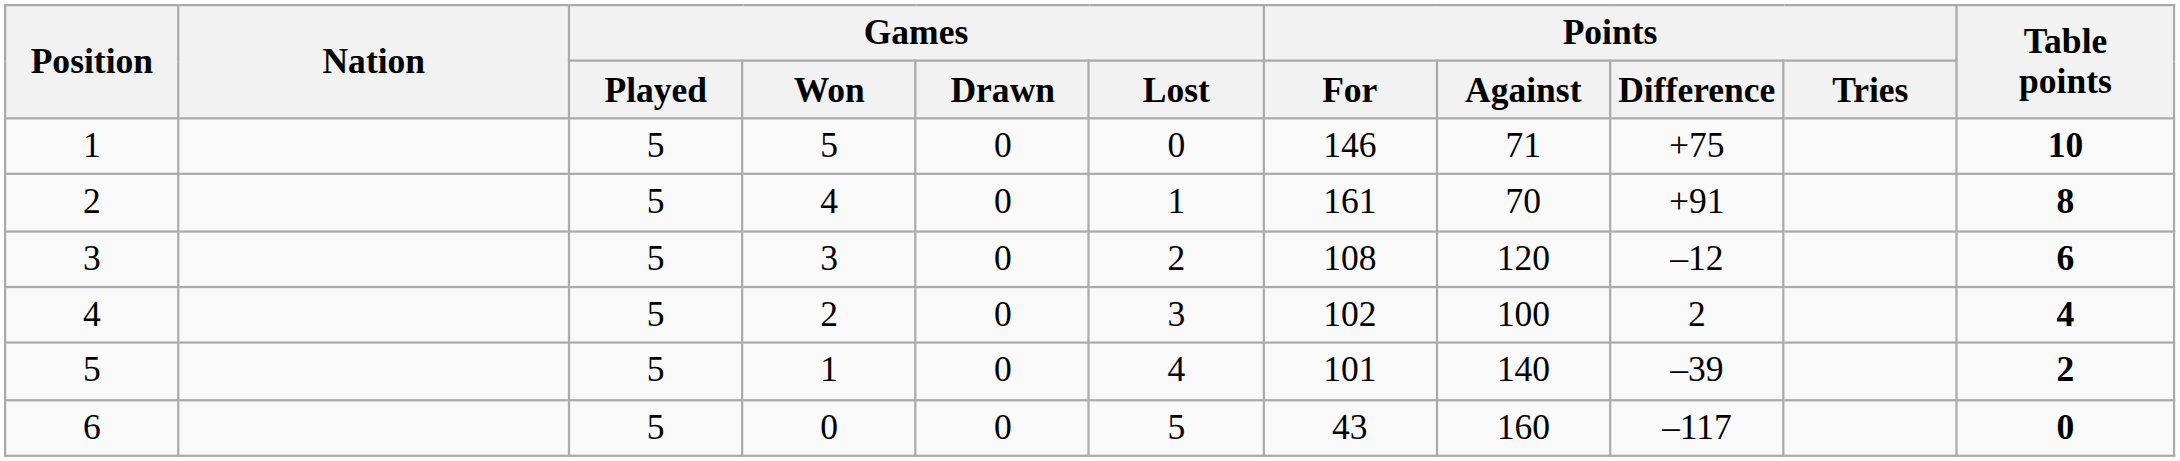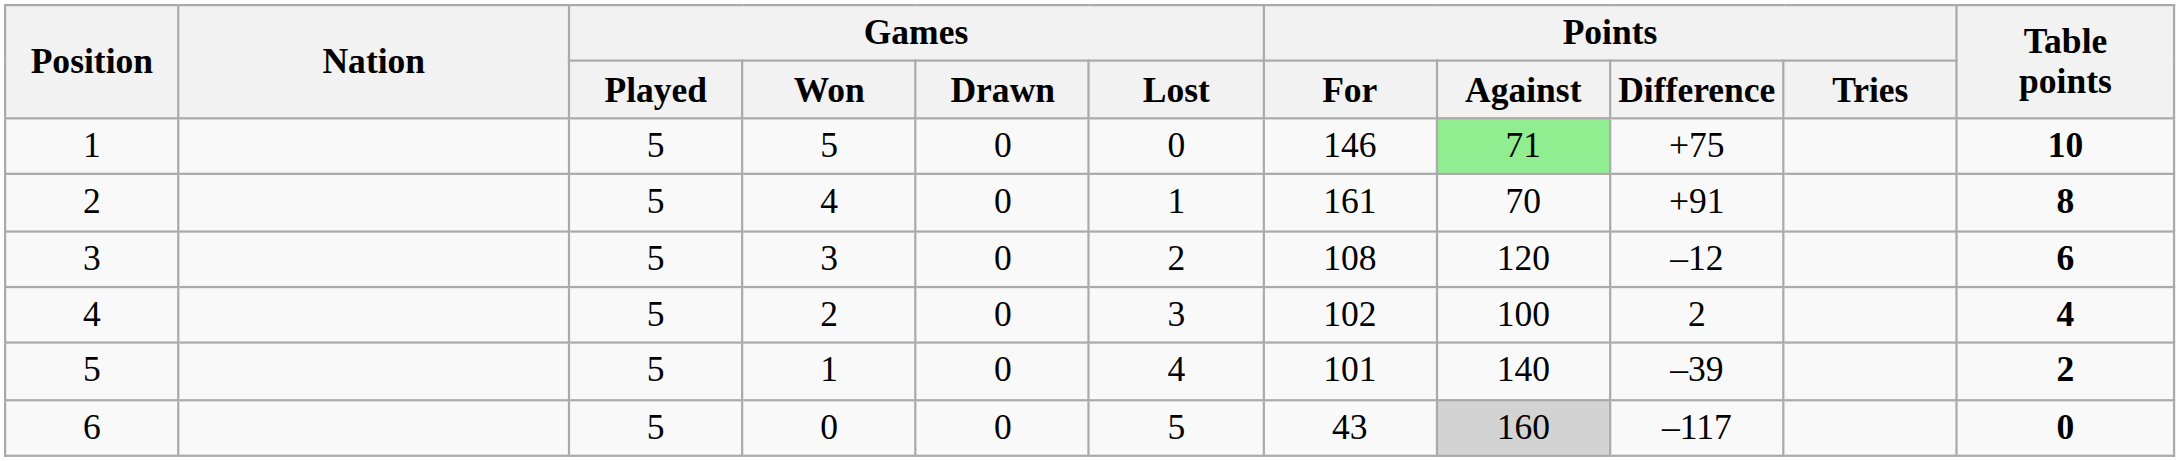 <table class="wikitable" style="text-align:center">
 <tr>
 <th rowspan="2" style="width:8%;">Position</th>
 <th rowspan="2" style="width:18%;">Nation</th>
 <th colspan="4" style="width:32%;">Games</th>
 <th colspan="4" style="width:32%;">Points</th>
 <th rowspan="2" style="width:10%;">Table<br>points</th>
 </tr>
 <tr>
 <th style="width:8%;">Played</th>
 <th style="width:8%;">Won</th>
 <th style="width:8%;">Drawn</th>
 <th style="width:8%;">Lost</th>
 <th style="width:8%;">For</th>
 <th style="width:8%;">Against</th>
 <th style="width:8%;">Difference</th>
 <th style="width:8%;">Tries</th>
 </tr>
 <tr>
 <td>1</td>
 <td align="left"></td>
 <td>5</td>
 <td>5</td>
 <td>0</td>
 <td>0</td>
 <td>146</td>
-<td>71</td>
+<td style="background: lightgreen;">71</td>
 <td>+75</td>
 <td></td>
 <td><strong>10</strong></td>
 </tr>
 <tr>
 <td>2</td>
 <td align="left"></td>
 <td>5</td>
 <td>4</td>
 <td>0</td>
 <td>1</td>
 <td>161</td>
 <td>70</td>
 <td>+91</td>
 <td></td>
 <td><strong>8</strong></td>
 </tr>
 <tr>
 <td>3</td>
 <td align="left"></td>
 <td>5</td>
 <td>3</td>
 <td>0</td>
 <td>2</td>
 <td>108</td>
 <td>120</td>
 <td>–12</td>
 <td></td>
 <td><strong>6</strong></td>
 </tr>
 <tr>
 <td>4</td>
 <td align="left"></td>
 <td>5</td>
 <td>2</td>
 <td>0</td>
 <td>3</td>
 <td>102</td>
 <td>100</td>
 <td>2</td>
 <td></td>
 <td><strong>4</strong></td>
 </tr>
 <tr>
 <td>5</td>
 <td align="left"></td>
 <td>5</td>
 <td>1</td>
 <td>0</td>
 <td>4</td>
 <td>101</td>
 <td>140</td>
 <td>–39</td>
 <td></td>
 <td><strong>2</strong></td>
 </tr>
 <tr>
 <td>6</td>
 <td align="left"></td>
 <td>5</td>
 <td>0</td>
 <td>0</td>
 <td>5</td>
 <td>43</td>
-<td>160</td>
+<td style="background: lightgrey;">160</td>
 <td>–117</td>
 <td></td>
 <td><strong>0</strong></td>
 </tr>
 </table>
